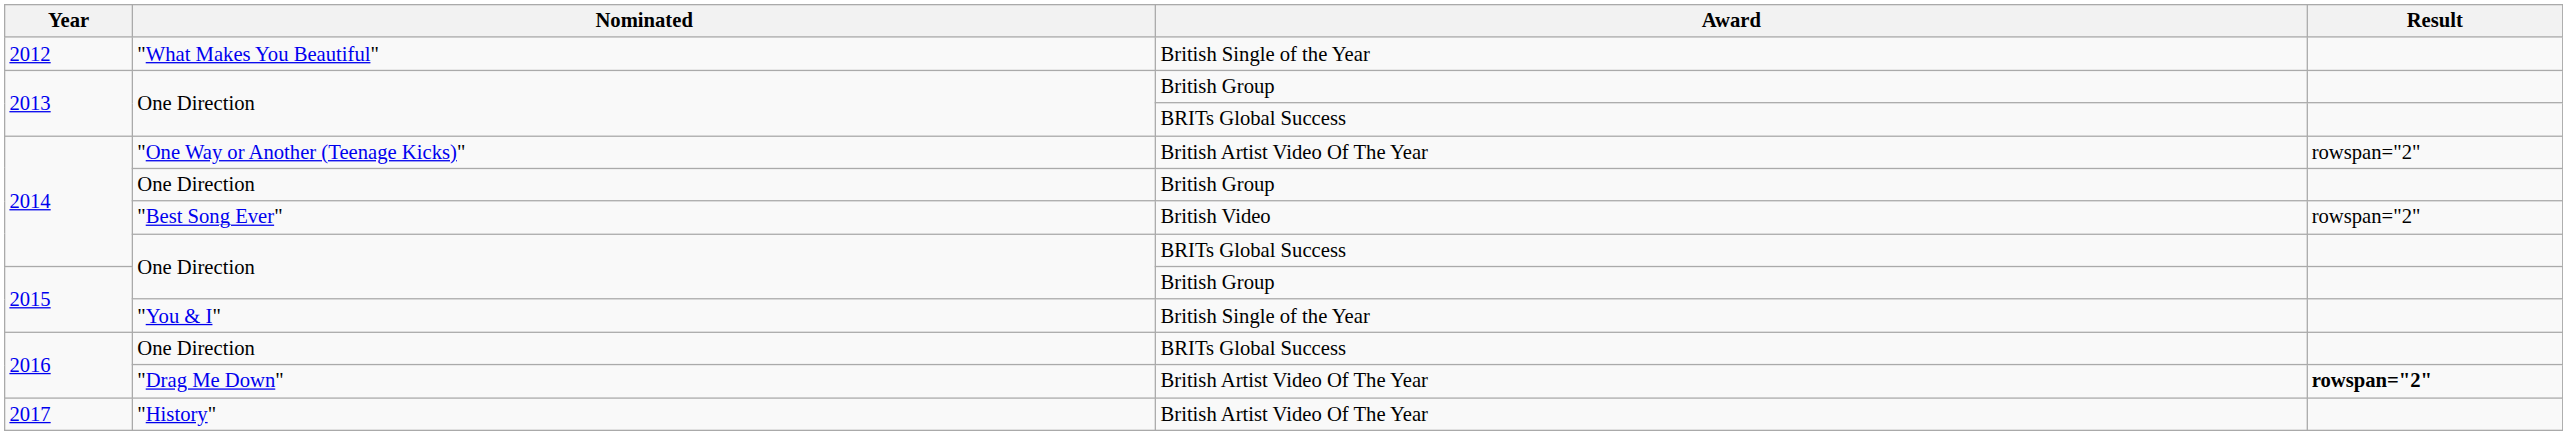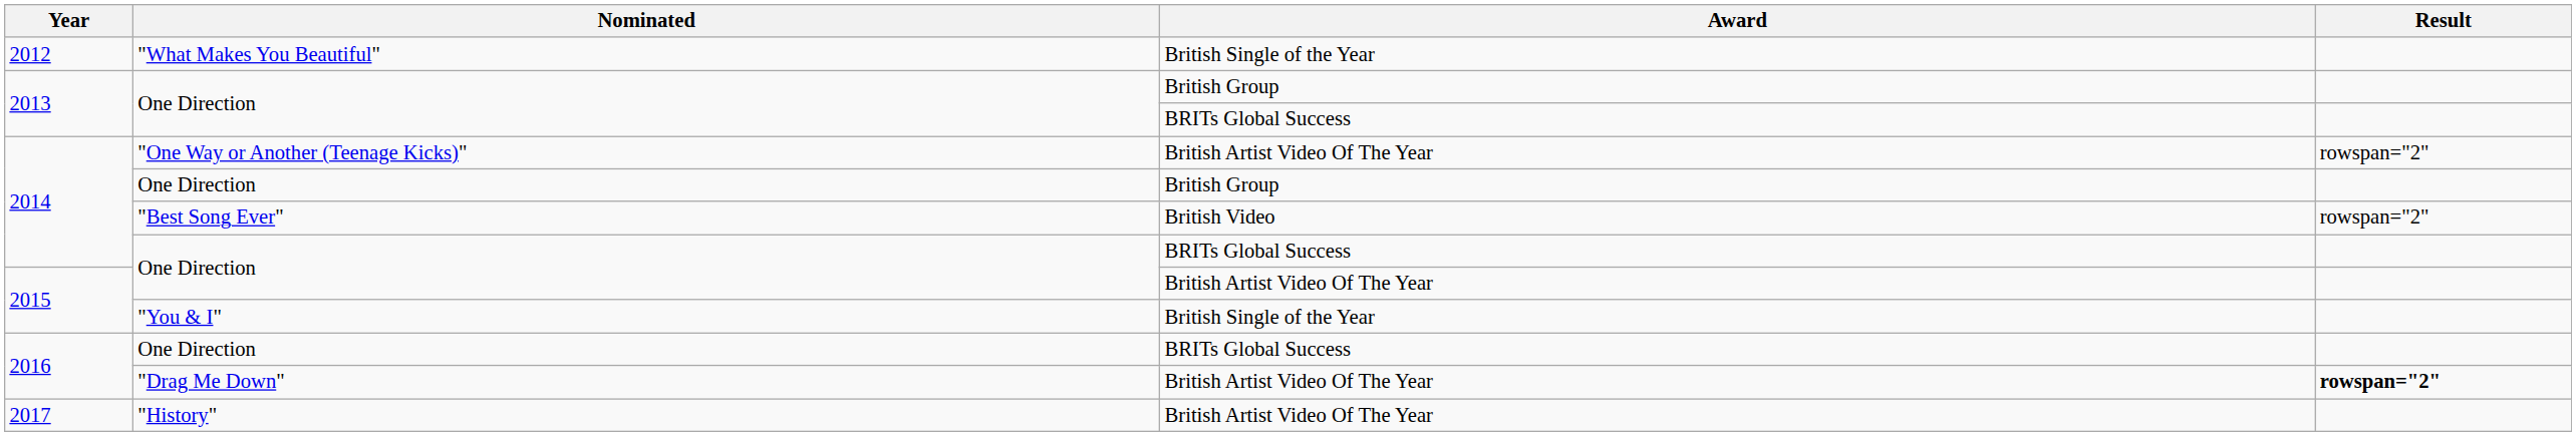 <table class="wikitable" style="width:100%;">
 <tr>
 <th width=5%>Year</th>
 <th style="width:40%;">Nominated</th>
 <th style="width:45%;">Award</th>
 <th style="width:10%;">Result</th>
 </tr>
 <tr>
 <td><a href='#'>2012</a></td>
 <td>"<a href='#'>What Makes You Beautiful</a>"</td>
 <td>British Single of the Year</td>
 <td></td>
 </tr>
 <tr>
 <td rowspan="2"><a href='#'>2013</a></td>
 <td rowspan="2">One Direction</td>
 <td>British Group</td>
 <td></td>
 </tr>
 <tr>
 <td>BRITs Global Success</td>
 <td></td>
 </tr>
 <tr>
 <td rowspan="4"><a href='#'>2014</a></td>
 <td>"<a href='#'>One Way or Another (Teenage Kicks)</a>"</td>
 <td>British Artist Video Of The Year</td>
 <td>rowspan="2" </td>
 </tr>
 <tr>
 <td>One Direction</td>
 <td>British Group</td>
 </tr>
 <tr>
 <td>"<a href='#'>Best Song Ever</a>"</td>
 <td>British Video</td>
 <td>rowspan="2" </td>
 </tr>
 <tr>
 <td rowspan="2">One Direction</td>
 <td>BRITs Global Success</td>
 </tr>
 <tr>
 <td rowspan="2"><a href='#'>2015</a></td>
-<td>British Group</td>
+<td>British Artist Video Of The Year</td>
 <td></td>
 </tr>
 <tr>
 <td>"<a href='#'>You & I</a>"</td>
 <td>British Single of the Year</td>
 <td></td>
 </tr>
 <tr>
 <td rowspan="2"><a href='#'>2016</a></td>
 <td>One Direction</td>
 <td>BRITs Global Success</td>
 <td></td>
 </tr>
 <tr>
 <td>"<a href='#'>Drag Me Down</a>"</td>
 <td>British Artist Video Of The Year</td>
 <td><strong>rowspan="2" </strong></td>
 </tr>
 <tr>
 <td rowspan="1"><a href='#'>2017</a></td>
 <td>"<a href='#'>History</a>"</td>
 <td>British Artist Video Of The Year</td>
 </tr>
 </table>
